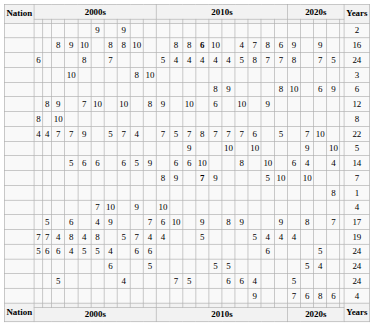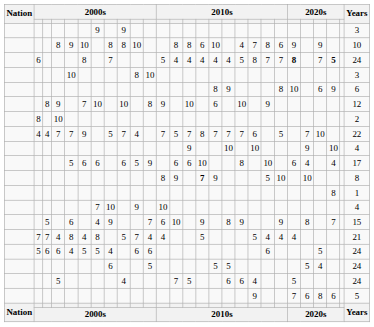 <table class="wikitable" style="text-align:center; font-size:90%;">
 <tr>
 <th rowspan=2>Nation</th>
 <th colspan="10">2000s</th>
 <th colspan="10">2010s</th>
 <th colspan=5>2020s</th>
 <th rowspan=2>Years</th>
 </tr>
 <tr>
 <th></th>
 <th></th>
 <th></th>
 <th></th>
 <th></th>
 <th></th>
 <th></th>
 <th></th>
 <th></th>
 <th></th>
 <th></th>
 <th></th>
 <th></th>
 <th></th>
 <th></th>
 <th></th>
 <th></th>
 <th></th>
 <th></th>
 <th></th>
 <th></th>
 <th></th>
 <th></th>
 <th></th>
 <th></th>
 </tr>
 <tr>
 <td align=left></td>
 <td></td>
 <td></td>
 <td></td>
 <td></td>
 <td></td>
 <td>9</td>
 <td></td>
 <td>9</td>
 <td></td>
 <td></td>
 <td></td>
 <td></td>
 <td></td>
 <td></td>
 <td></td>
 <td></td>
 <td></td>
 <td></td>
 <td></td>
 <td></td>
 <td></td>
 <td></td>
 <td></td>
 <td></td>
 <td></td>
-<td>2</td>
+<td>3</td>
 </tr>
 <tr>
 <td align="left"></td>
 <td></td>
 <td></td>
 <td>8</td>
 <td>9</td>
 <td>10</td>
 <td></td>
 <td>8</td>
 <td>8</td>
 <td>10</td>
 <td></td>
 <td></td>
 <td>8</td>
 <td>8</td>
-<td><strong>6</strong></td>
+<td>6</td>
 <td>10</td>
 <td></td>
 <td>4</td>
 <td>7</td>
 <td>8</td>
 <td>6</td>
 <td>9</td>
 <td></td>
 <td>9</td>
 <td></td>
 <td></td>
-<td>16</td>
+<td>10</td>
 </tr>
 <tr>
 <td align="left"></td>
 <td>6</td>
 <td></td>
 <td></td>
 <td></td>
 <td>8</td>
 <td></td>
 <td>7</td>
 <td></td>
 <td></td>
 <td></td>
 <td>5</td>
 <td>4</td>
 <td>4</td>
 <td>4</td>
 <td>4</td>
 <td>4</td>
 <td>5</td>
 <td>8</td>
 <td>7</td>
 <td>7</td>
-<td>8</td>
+<td><strong>8</strong></td>
 <td></td>
 <td>7</td>
-<td>5</td>
+<td><strong>5</strong></td>
 <td></td>
 <td>24</td>
 </tr>
 <tr>
 <td align="left"></td>
 <td></td>
 <td></td>
 <td></td>
 <td>10</td>
 <td></td>
 <td></td>
 <td></td>
 <td></td>
 <td>8</td>
 <td>10</td>
 <td></td>
 <td></td>
 <td></td>
 <td></td>
 <td></td>
 <td></td>
 <td></td>
 <td></td>
 <td></td>
 <td></td>
 <td></td>
 <td></td>
 <td></td>
 <td></td>
 <td></td>
 <td>3</td>
 </tr>
 <tr>
 <td align=left></td>
 <td></td>
 <td></td>
 <td></td>
 <td></td>
 <td></td>
 <td></td>
 <td></td>
 <td></td>
 <td></td>
 <td></td>
 <td></td>
 <td></td>
 <td></td>
 <td></td>
 <td>8</td>
 <td>9</td>
 <td></td>
 <td></td>
 <td></td>
 <td>8</td>
 <td>10</td>
 <td></td>
 <td>6</td>
 <td>9</td>
 <td></td>
 <td>6</td>
 </tr>
 <tr>
 <td align=left></td>
 <td></td>
 <td>8</td>
 <td>9</td>
 <td></td>
 <td>7</td>
 <td>10</td>
 <td></td>
 <td>10</td>
 <td></td>
 <td>8</td>
 <td>9</td>
 <td></td>
 <td>10</td>
 <td></td>
 <td>6</td>
 <td></td>
 <td>10</td>
 <td></td>
 <td>9</td>
 <td></td>
 <td></td>
 <td></td>
 <td></td>
 <td></td>
 <td></td>
 <td>12</td>
 </tr>
 <tr>
 <td align=left></td>
 <td>8</td>
 <td></td>
 <td>10</td>
 <td></td>
 <td></td>
 <td></td>
 <td></td>
 <td></td>
 <td></td>
 <td></td>
 <td></td>
 <td></td>
 <td></td>
 <td></td>
 <td></td>
 <td></td>
 <td></td>
 <td></td>
 <td></td>
 <td></td>
 <td></td>
 <td></td>
 <td></td>
 <td></td>
 <td></td>
-<td>8</td>
+<td>2</td>
 </tr>
 <tr>
 <td align=left></td>
 <td>4</td>
 <td>4</td>
 <td>7</td>
 <td>7</td>
 <td>9</td>
 <td></td>
 <td>5</td>
 <td>7</td>
 <td>4</td>
 <td></td>
 <td>7</td>
 <td>5</td>
 <td>7</td>
 <td>8</td>
 <td>7</td>
 <td>7</td>
 <td>7</td>
 <td>6</td>
 <td></td>
 <td>5</td>
 <td></td>
 <td>7</td>
 <td>10</td>
 <td></td>
 <td></td>
 <td>22</td>
 </tr>
 <tr>
 <td align=left></td>
 <td></td>
 <td></td>
 <td></td>
 <td></td>
 <td></td>
 <td></td>
 <td></td>
 <td></td>
 <td></td>
 <td></td>
 <td></td>
 <td></td>
 <td>9</td>
 <td></td>
 <td></td>
 <td>10</td>
 <td></td>
 <td>10</td>
 <td></td>
 <td></td>
 <td></td>
 <td>9</td>
 <td></td>
 <td>10</td>
 <td></td>
-<td>5</td>
+<td>4</td>
 </tr>
 <tr>
 <td align=left></td>
 <td></td>
 <td></td>
 <td></td>
 <td>5</td>
 <td>6</td>
 <td>6</td>
 <td></td>
 <td>6</td>
 <td>5</td>
 <td>9</td>
 <td></td>
 <td>6</td>
 <td>6</td>
 <td>10</td>
 <td></td>
 <td></td>
 <td>8</td>
 <td></td>
 <td>10</td>
 <td></td>
 <td>6</td>
 <td>4</td>
 <td></td>
 <td>4</td>
 <td></td>
-<td>14</td>
+<td>17</td>
 </tr>
 <tr>
 <td align=left></td>
 <td></td>
 <td></td>
 <td></td>
 <td></td>
 <td></td>
 <td></td>
 <td></td>
 <td></td>
 <td></td>
 <td></td>
 <td>8</td>
 <td>9</td>
 <td></td>
 <td><strong>7</strong></td>
 <td>9</td>
 <td></td>
 <td></td>
 <td></td>
 <td>5</td>
 <td>10</td>
 <td></td>
 <td>10</td>
 <td></td>
 <td></td>
 <td></td>
-<td>7</td>
+<td>8</td>
 </tr>
 <tr>
 <td align=left></td>
 <td></td>
 <td></td>
 <td></td>
 <td></td>
 <td></td>
 <td></td>
 <td></td>
 <td></td>
 <td></td>
 <td></td>
 <td></td>
 <td></td>
 <td></td>
 <td></td>
 <td></td>
 <td></td>
 <td></td>
 <td></td>
 <td></td>
 <td></td>
 <td></td>
 <td></td>
 <td></td>
 <td>8</td>
 <td></td>
 <td>1</td>
 </tr>
 <tr>
 <td align="left"></td>
 <td></td>
 <td></td>
 <td></td>
 <td></td>
 <td></td>
 <td>7</td>
 <td>10</td>
 <td></td>
 <td>9</td>
 <td></td>
 <td>10</td>
 <td></td>
 <td></td>
 <td></td>
 <td></td>
 <td></td>
 <td></td>
 <td></td>
 <td></td>
 <td></td>
 <td></td>
 <td></td>
 <td></td>
 <td></td>
 <td></td>
 <td>4</td>
 </tr>
 <tr>
 <td align="left"></td>
 <td></td>
 <td>5</td>
 <td></td>
 <td>6</td>
 <td></td>
 <td>4</td>
 <td>9</td>
 <td></td>
 <td></td>
 <td>7</td>
 <td>6</td>
 <td>10</td>
 <td></td>
 <td>9</td>
 <td></td>
 <td>8</td>
 <td>9</td>
 <td></td>
 <td></td>
 <td>9</td>
 <td></td>
 <td>8</td>
 <td></td>
 <td>7</td>
 <td></td>
-<td>17</td>
+<td>15</td>
 </tr>
 <tr>
 <td align="left"></td>
 <td>7</td>
 <td>7</td>
 <td>4</td>
 <td>8</td>
 <td>4</td>
 <td>8</td>
 <td></td>
 <td>5</td>
 <td>7</td>
 <td>4</td>
 <td>4</td>
 <td></td>
 <td></td>
 <td>5</td>
 <td></td>
 <td></td>
 <td></td>
 <td>5</td>
 <td>4</td>
 <td>4</td>
 <td>4</td>
 <td></td>
 <td></td>
 <td></td>
 <td></td>
-<td>19</td>
+<td>21</td>
 </tr>
 <tr>
 <td align="left"></td>
 <td>5</td>
 <td>6</td>
 <td>6</td>
 <td>4</td>
 <td>5</td>
 <td>5</td>
 <td>4</td>
 <td></td>
 <td>6</td>
 <td>6</td>
 <td></td>
 <td></td>
 <td></td>
 <td></td>
 <td></td>
 <td></td>
 <td></td>
 <td></td>
 <td>6</td>
 <td></td>
 <td></td>
 <td></td>
 <td>5</td>
 <td></td>
 <td></td>
 <td>24</td>
 </tr>
 <tr>
 <td align="left"></td>
 <td></td>
 <td></td>
 <td></td>
 <td></td>
 <td></td>
 <td></td>
 <td>6</td>
 <td></td>
 <td></td>
 <td>5</td>
 <td></td>
 <td></td>
 <td></td>
 <td></td>
 <td>5</td>
 <td>5</td>
 <td></td>
 <td></td>
 <td></td>
 <td></td>
 <td></td>
 <td>5</td>
 <td>4</td>
 <td></td>
 <td></td>
 <td>24</td>
 </tr>
 <tr>
 <td align="left"></td>
 <td></td>
 <td></td>
 <td>5</td>
 <td></td>
 <td></td>
 <td></td>
 <td></td>
 <td>4</td>
 <td></td>
 <td></td>
 <td></td>
 <td>7</td>
 <td>5</td>
 <td></td>
 <td></td>
 <td>6</td>
 <td>6</td>
 <td>4</td>
 <td></td>
 <td></td>
 <td>5</td>
 <td></td>
 <td></td>
 <td></td>
 <td></td>
 <td>24</td>
 </tr>
 <tr>
 <td align=left></td>
 <td></td>
 <td></td>
 <td></td>
 <td></td>
 <td></td>
 <td></td>
 <td></td>
 <td></td>
 <td></td>
 <td></td>
 <td></td>
 <td></td>
 <td></td>
 <td></td>
 <td></td>
 <td></td>
 <td></td>
 <td>9</td>
 <td></td>
 <td></td>
 <td>7</td>
 <td>6</td>
 <td>8</td>
 <td>6</td>
 <td></td>
-<td>4</td>
+<td>5</td>
 </tr>
 <tr>
 <th rowspan=2>Nation</th>
 <th></th>
 <th></th>
 <th></th>
 <th></th>
 <th></th>
 <th></th>
 <th></th>
 <th></th>
 <th></th>
 <th></th>
 <th></th>
 <th></th>
 <th></th>
 <th></th>
 <th></th>
 <th></th>
 <th></th>
 <th></th>
 <th></th>
 <th></th>
 <th></th>
 <th></th>
 <th></th>
 <th></th>
 <th></th>
 <th rowspan=2>Years</th>
 </tr>
 <tr>
 <th colspan="10">2000s</th>
 <th colspan="10">2010s</th>
 <th colspan=5>2020s</th>
 </tr>
 </table>
